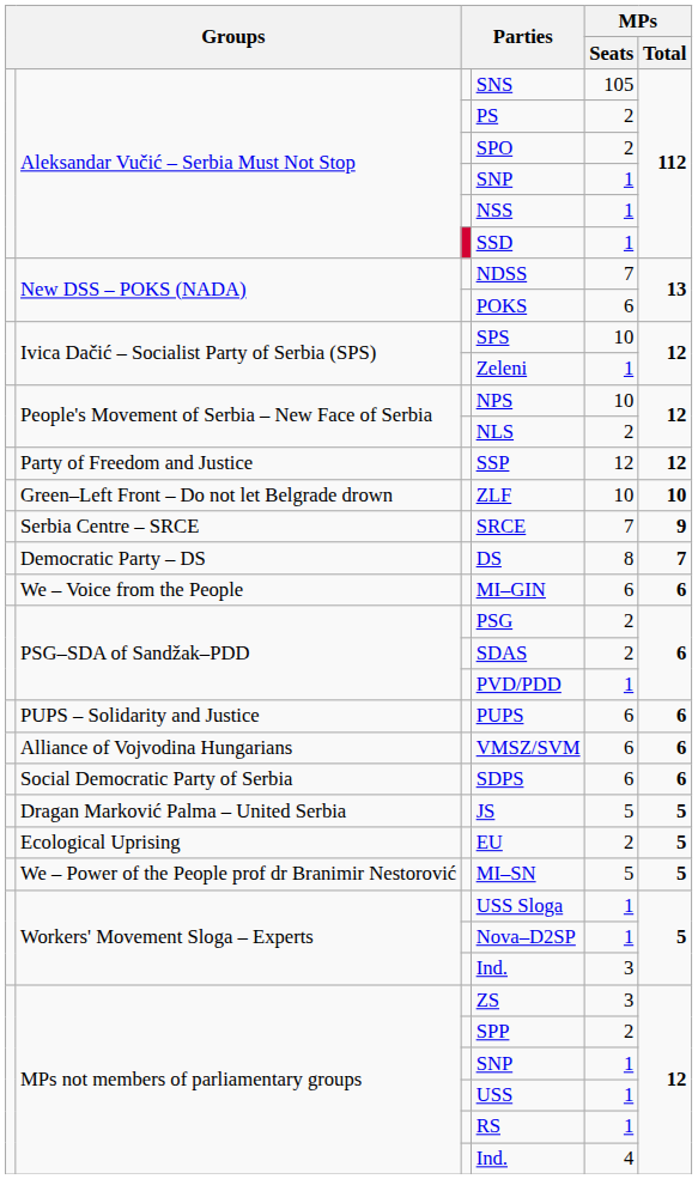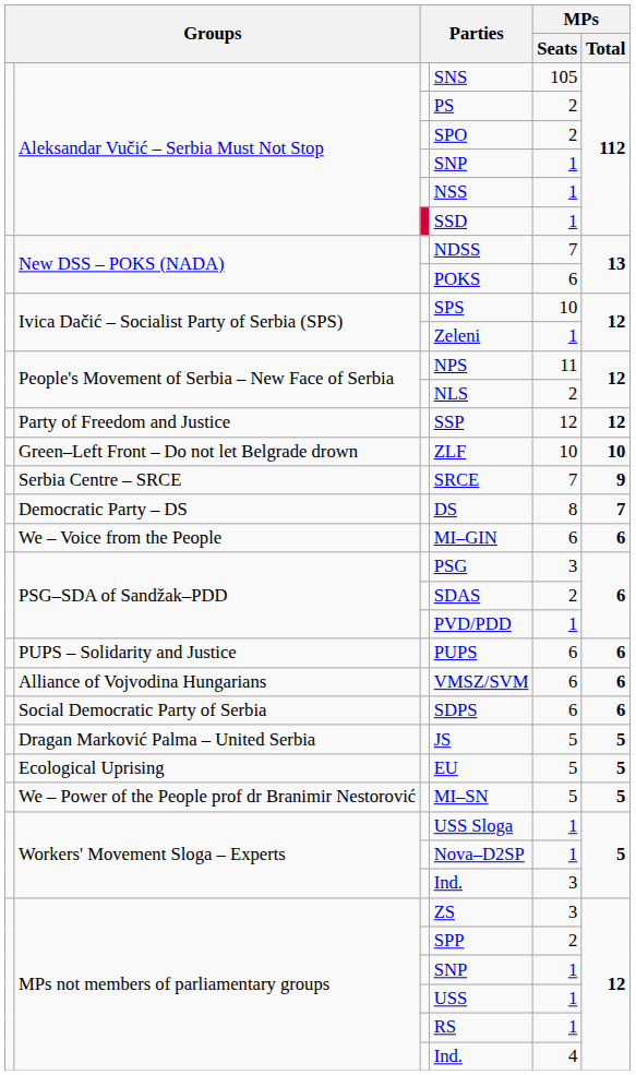 <table class="wikitable" style="text-align:right">
 <tr>
 <th rowspan="2" colspan="2">Groups</th>
 <th rowspan="2" colspan="2">Parties</th>
 <th colspan="2">MPs</th>
 </tr>
 <tr>
 <th>Seats</th>
 <th>Total</th>
 </tr>
 <tr>
 <td width="1" rowspan="6"></td>
 <td rowspan="6" align="left"><a href='#'>Aleksandar Vučić – Serbia Must Not Stop</a></td>
 <td width="1"></td>
 <td align="left"><a href='#'>SNS</a></td>
 <td>105</td>
 <td rowspan="6"><strong>112</strong></td>
 </tr>
 <tr>
 <td></td>
 <td align="left"><a href='#'>PS</a></td>
 <td>2</td>
 </tr>
 <tr>
 <td></td>
 <td align="left"><a href='#'>SPO</a></td>
 <td>2</td>
 </tr>
 <tr>
 <td></td>
 <td align="left"><a href='#'>SNP</a></td>
 <td><a href='#'>1</a></td>
 </tr>
 <tr>
 <td></td>
 <td align="left"><a href='#'>NSS</a></td>
 <td><a href='#'>1</a></td>
 </tr>
 <tr>
 <td bgcolor="#D40033"></td>
 <td align="left"><a href='#'>SSD</a></td>
 <td><a href='#'>1</a></td>
 </tr>
 <tr>
 <td width="1" rowspan="2"></td>
 <td rowspan="2" align="left"><a href='#'>New DSS – POKS (NADA)</a></td>
 <td width="1"></td>
 <td align="left"><a href='#'>NDSS</a></td>
 <td>7</td>
 <td rowspan="2"><strong>13</strong></td>
 </tr>
 <tr>
 <td></td>
 <td align="left"><a href='#'>POKS</a></td>
 <td>6</td>
 </tr>
 <tr>
 <td width="1" rowspan="2"></td>
 <td rowspan="2" align="left">Ivica Dačić – Socialist Party of Serbia (SPS)</td>
 <td width="1"></td>
 <td align="left"><a href='#'>SPS</a></td>
 <td>10</td>
 <td rowspan="2"><strong>12</strong></td>
 </tr>
 <tr>
 <td></td>
 <td align="left"><a href='#'>Zeleni</a></td>
 <td><a href='#'>1</a></td>
 </tr>
 <tr>
 <td width="1" rowspan="2"></td>
 <td rowspan="2" align="left">People's Movement of Serbia – New Face of Serbia</td>
 <td width="1"></td>
 <td align="left"><a href='#'>NPS</a></td>
-<td>10</td>
+<td>11</td>
 <td rowspan="2"><strong>12</strong></td>
 </tr>
 <tr>
 <td></td>
 <td align="left"><a href='#'>NLS</a></td>
 <td>2</td>
 </tr>
 <tr>
 <td></td>
 <td align="left">Party of Freedom and Justice</td>
 <td></td>
 <td align="left"><a href='#'>SSP</a></td>
 <td>12</td>
 <td><strong>12</strong></td>
 </tr>
 <tr>
 <td></td>
 <td align="left">Green–Left Front – Do not let Belgrade drown</td>
 <td></td>
 <td align="left"><a href='#'>ZLF</a></td>
 <td>10</td>
 <td><strong>10</strong></td>
 </tr>
 <tr>
 <td></td>
 <td align="left">Serbia Centre – SRCE</td>
 <td></td>
 <td align="left"><a href='#'>SRCE</a></td>
 <td>7</td>
 <td><strong>9</strong></td>
 </tr>
 <tr>
 <td></td>
 <td align="left">Democratic Party – DS</td>
 <td></td>
 <td align="left"><a href='#'>DS</a></td>
 <td>8</td>
 <td><strong>7</strong></td>
 </tr>
 <tr>
 <td></td>
 <td align="left">We – Voice from the People</td>
 <td></td>
 <td align="left"><a href='#'>MI–GIN</a></td>
 <td>6</td>
 <td><strong>6</strong></td>
 </tr>
 <tr>
 <td width="1" rowspan="3"></td>
 <td rowspan="3" align="left">PSG–SDA of Sandžak–PDD</td>
 <td width="1"></td>
 <td align="left"><a href='#'>PSG</a></td>
-<td>2</td>
+<td>3</td>
 <td rowspan="3"><strong>6</strong></td>
 </tr>
 <tr>
 <td></td>
 <td align="left"><a href='#'>SDAS</a></td>
 <td>2</td>
 </tr>
 <tr>
 <td></td>
 <td align="left"><a href='#'>PVD/PDD</a></td>
 <td><a href='#'>1</a></td>
 </tr>
 <tr>
 <td></td>
 <td align="left">PUPS – Solidarity and Justice</td>
 <td></td>
 <td align="left"><a href='#'>PUPS</a></td>
 <td>6</td>
 <td><strong>6</strong></td>
 </tr>
 <tr>
 <td></td>
 <td align="left">Alliance of Vojvodina Hungarians</td>
 <td></td>
 <td align="left"><a href='#'>VMSZ/SVM</a></td>
 <td>6</td>
 <td><strong>6</strong></td>
 </tr>
 <tr>
 <td></td>
 <td align="left">Social Democratic Party of Serbia</td>
 <td></td>
 <td align="left"><a href='#'>SDPS</a></td>
 <td>6</td>
 <td><strong>6</strong></td>
 </tr>
 <tr>
 <td></td>
 <td align="left">Dragan Marković Palma – United Serbia</td>
 <td></td>
 <td align="left"><a href='#'>JS</a></td>
 <td>5</td>
 <td><strong>5</strong></td>
 </tr>
 <tr>
 <td></td>
 <td align="left">Ecological Uprising</td>
 <td></td>
 <td align="left"><a href='#'>EU</a></td>
-<td>2</td>
+<td>5</td>
 <td><strong>5</strong></td>
 </tr>
 <tr>
 <td></td>
 <td align="left">We – Power of the People prof dr Branimir Nestorović</td>
 <td></td>
 <td align="left"><a href='#'>MI–SN</a></td>
 <td>5</td>
 <td><strong>5</strong></td>
 </tr>
 <tr>
 <td width="1" rowspan="3"></td>
 <td rowspan="3" align="left">Workers' Movement Sloga – Experts</td>
 <td width="1"></td>
 <td align="left"><a href='#'>USS Sloga</a></td>
 <td><a href='#'>1</a></td>
 <td rowspan="3"><strong>5</strong></td>
 </tr>
 <tr>
 <td></td>
 <td align="left"><a href='#'>Nova–D2SP</a></td>
 <td><a href='#'>1</a></td>
 </tr>
 <tr>
 <td></td>
 <td align="left"><a href='#'>Ind.</a></td>
 <td>3</td>
 </tr>
 <tr>
 <td width="1" rowspan="6"></td>
 <td rowspan="6" align="left">MPs not members of parliamentary groups</td>
 <td width="1"></td>
 <td align="left"><a href='#'>ZS</a></td>
 <td>3</td>
 <td rowspan="6"><strong>12</strong></td>
 </tr>
 <tr>
 <td></td>
 <td align="left"><a href='#'>SPP</a></td>
 <td>2</td>
 </tr>
 <tr>
 <td></td>
 <td align="left"><a href='#'>SNP</a></td>
 <td><a href='#'>1</a></td>
 </tr>
 <tr>
 <td></td>
 <td align="left"><a href='#'>USS</a></td>
 <td><a href='#'>1</a></td>
 </tr>
 <tr>
 <td></td>
 <td align="left"><a href='#'>RS</a></td>
 <td><a href='#'>1</a></td>
 </tr>
 <tr>
 <td></td>
 <td align="left"><a href='#'>Ind.</a></td>
 <td>4</td>
 </tr>
 </table>
